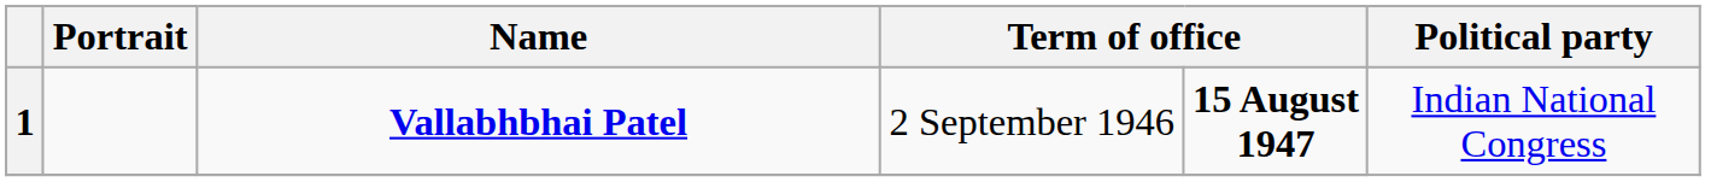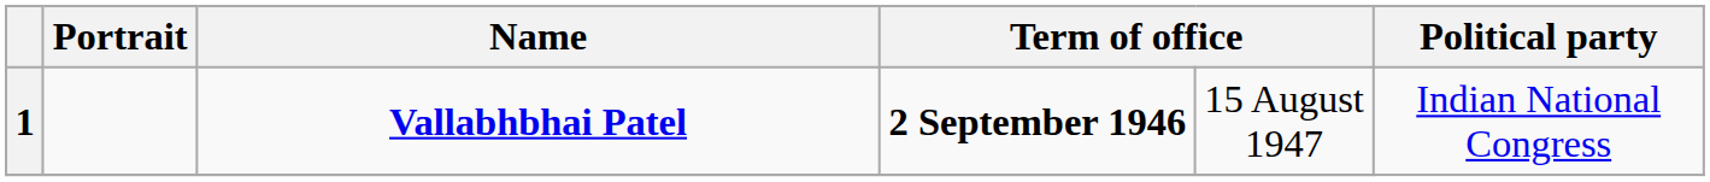 <table class="wikitable" style="text-align:center">
 <tr>
 <th></th>
 <th>Portrait</th>
 <th style="width:17em">Name</th>
 <th colspan="2">Term of office</th>
 <th style="width:8em">Political party</th>
 </tr>
 <tr>
 <th>1</th>
 <td></td>
 <td><strong><a href='#'>Vallabhbhai Patel</a></strong></td>
-<td>2 September 1946</td>
-<td><strong>15 August<br>1947</strong></td>
+<td><strong>2 September 1946</strong></td>
+<td>15 August<br>1947</td>
 <td rowspan="15"><a href='#'>Indian National Congress</a></td>
 </tr>
 <tr>
 </tr>
 </table>
